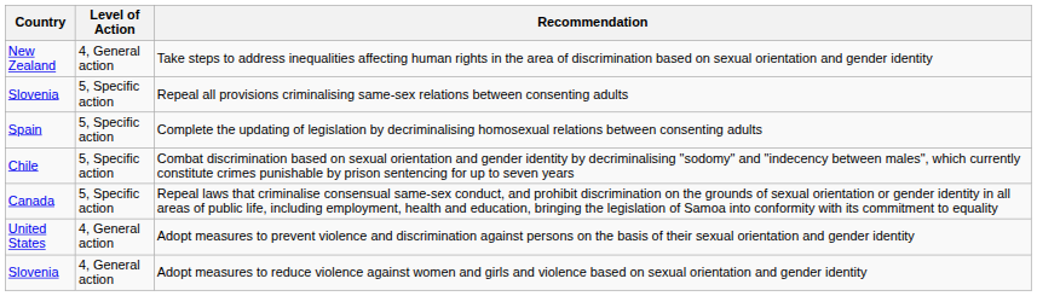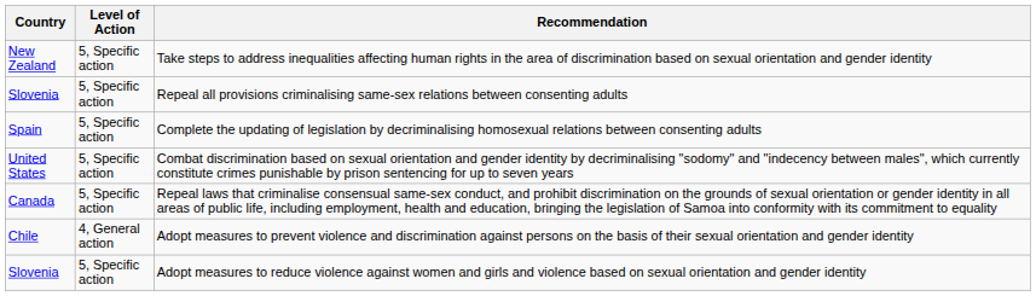 <table class="wikitable">
 <tr>
 <th>Country</th>
 <th>Level of Action</th>
 <th>Recommendation</th>
 </tr>
 <tr>
 <td><a href='#'>New Zealand</a></td>
-<td>4, General action</td>
+<td>5, Specific action</td>
 <td>Take steps to address inequalities affecting human rights in the area of discrimination based on sexual orientation and gender identity</td>
 </tr>
 <tr>
 <td><a href='#'>Slovenia</a></td>
 <td>5, Specific action</td>
 <td>Repeal all provisions criminalising same-sex relations between consenting adults</td>
 </tr>
 <tr>
 <td><a href='#'>Spain</a></td>
 <td>5, Specific action</td>
 <td>Complete the updating of legislation by decriminalising homosexual relations between consenting adults</td>
 </tr>
 <tr>
-<td><a href='#'>Chile</a></td>
+<td><a href='#'>United States</a></td>
 <td>5, Specific action</td>
 <td>Combat discrimination based on sexual orientation and gender identity by decriminalising "sodomy" and "indecency between males", which currently constitute crimes punishable by prison sentencing for up to seven years</td>
 </tr>
 <tr>
 <td><a href='#'>Canada</a></td>
 <td>5, Specific action</td>
 <td>Repeal laws that criminalise consensual same-sex conduct, and prohibit discrimination on the grounds of sexual orientation or gender identity in all areas of public life, including employment, health and education, bringing the legislation of Samoa into conformity with its commitment to equality</td>
 </tr>
 <tr>
-<td><a href='#'>United States</a></td>
+<td><a href='#'>Chile</a></td>
 <td>4, General action</td>
 <td>Adopt measures to prevent violence and discrimination against persons on the basis of their sexual orientation and gender identity</td>
 </tr>
 <tr>
 <td><a href='#'>Slovenia</a></td>
-<td>4, General action</td>
+<td>5, Specific action</td>
 <td>Adopt measures to reduce violence against women and girls and violence based on sexual orientation and gender identity</td>
 </tr>
 </table>
